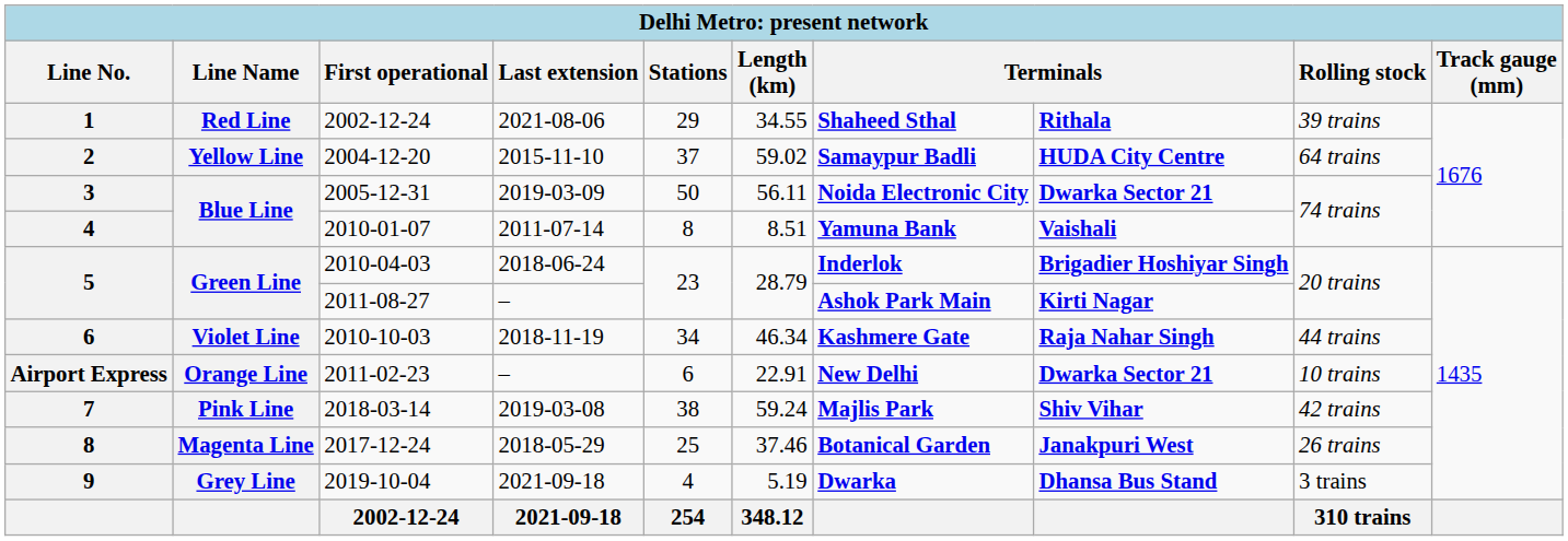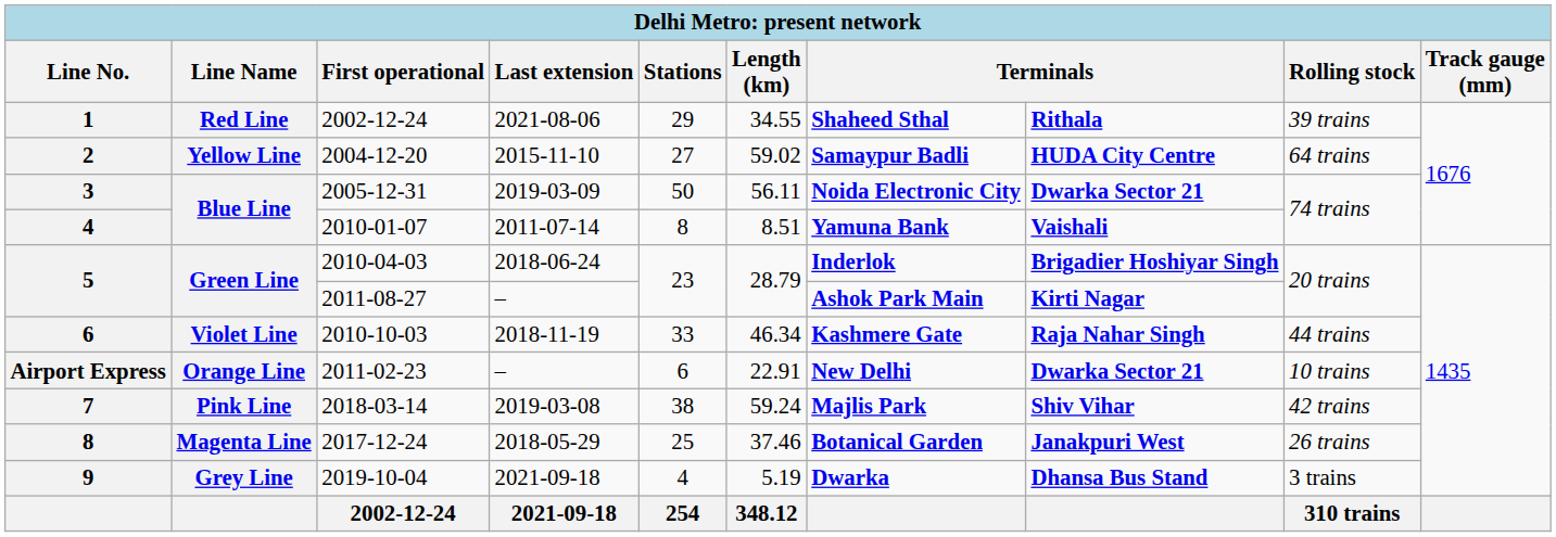 <table class="wikitable sortable">
 <tr>
 <th style="background:#ADD8E6;" colspan="10">Delhi Metro: present network</th>
 </tr>
 <tr>
 <th>Line No.</th>
 <th>Line Name</th>
 <th>First operational</th>
 <th>Last extension</th>
 <th>Stations</th>
 <th>Length<br>(km)<br></th>
 <th colspan="2">Terminals</th>
 <th>Rolling stock</th>
 <th>Track gauge<br>(mm)</th>
 </tr>
 <tr>
 <th>1</th>
 <th style="background:#"><a href='#'><span>Red Line</span></a></th>
 <td>2002-12-24</td>
 <td style="text-align:left;">2021-08-06</td>
 <td style="text-align:center;">29</td>
 <td style="text-align:right;">34.55</td>
 <td><a href='#'><strong>Shaheed Sthal</strong></a></td>
 <td><a href='#'><strong>Rithala</strong></a></td>
 <td><em>39 trains</em></td>
 <td rowspan="4"><a href='#'>1676</a></td>
 </tr>
 <tr>
 <th>2</th>
 <th style="background:#"><a href='#'><span>Yellow Line</span></a></th>
 <td>2004-12-20</td>
 <td>2015-11-10</td>
-<td style="text-align:center;">37</td>
+<td style="text-align:center;">27</td>
 <td style="text-align:right;">59.02</td>
 <td><a href='#'><strong>Samaypur Badli</strong></a></td>
 <td><a href='#'><strong>HUDA City Centre</strong></a></td>
 <td><em>64 trains</em></td>
 </tr>
 <tr>
 <th>3</th>
 <th rowspan="2" style="background:#"><a href='#'><span>Blue Line</span></a></th>
 <td>2005-12-31</td>
 <td>2019-03-09</td>
 <td style="text-align:center;">50</td>
 <td style="text-align:right;">56.11</td>
 <td><a href='#'><strong>Noida Electronic City</strong></a></td>
 <td><a href='#'><strong>Dwarka Sector 21</strong></a></td>
 <td rowspan="2"><em>74 trains</em></td>
 </tr>
 <tr>
 <th>4</th>
 <td>2010-01-07</td>
 <td>2011-07-14</td>
 <td style="text-align:center;">8</td>
 <td style="text-align:right;">8.51</td>
 <td><a href='#'><strong>Yamuna Bank</strong></a></td>
 <td><a href='#'><strong>Vaishali</strong></a></td>
 </tr>
 <tr>
 <th rowspan="2">5</th>
 <th rowspan="2" style="background:#"><a href='#'><span>Green Line</span></a></th>
 <td>2010-04-03</td>
 <td style="text-align:left;">2018-06-24</td>
 <td rowspan="2" style="text-align:center;">23</td>
 <td rowspan=2 style="text-align:right;">28.79</td>
 <td><a href='#'><strong>Inderlok</strong></a></td>
 <td><a href='#'><strong>Brigadier Hoshiyar Singh</strong></a></td>
 <td rowspan="2"><em>20 trains</em></td>
 <td rowspan="7"><a href='#'>1435</a></td>
 </tr>
 <tr>
 <td>2011-08-27</td>
 <td style="text-align:left;">–</td>
 <td><a href='#'><strong>Ashok Park Main</strong></a></td>
 <td><a href='#'><strong>Kirti Nagar</strong></a></td>
 </tr>
 <tr>
 <th>6</th>
 <th style="background:#"><a href='#'><span>Violet Line</span></a></th>
 <td>2010-10-03</td>
 <td>2018-11-19</td>
-<td style="text-align:center;">34</td>
+<td style="text-align:center;">33</td>
 <td style="text-align:right;">46.34</td>
 <td><a href='#'><strong>Kashmere Gate</strong></a></td>
 <td><a href='#'><strong>Raja Nahar Singh</strong></a></td>
 <td><em>44 trains</em></td>
 </tr>
 <tr>
 <th>Airport Express</th>
 <th style="background:#"><a href='#'><span>Orange Line</span></a></th>
 <td>2011-02-23</td>
 <td style="text-align:left;">–</td>
 <td style="text-align:center;">6</td>
 <td style="text-align:right;">22.91</td>
 <td><a href='#'><strong>New Delhi</strong></a></td>
 <td><a href='#'><strong>Dwarka Sector 21</strong></a></td>
 <td><em>10 trains</em></td>
 </tr>
 <tr>
 <th>7</th>
 <th style="text-align:center; background:#"><a href='#'><span>Pink Line</span></a></th>
 <td>2018-03-14</td>
 <td>2019-03-08</td>
 <td style="text-align:center;">38</td>
 <td style="text-align:right;">59.24</td>
 <td><a href='#'><strong>Majlis Park</strong></a></td>
 <td><a href='#'><strong>Shiv Vihar</strong></a></td>
 <td><em>42 trains</em></td>
 </tr>
 <tr>
 <th>8</th>
 <th style="background:#"><a href='#'><span>Magenta Line</span></a></th>
 <td>2017-12-24</td>
 <td>2018-05-29</td>
 <td style="text-align:center;">25</td>
 <td style="text-align:right;">37.46</td>
 <td><a href='#'><strong>Botanical Garden</strong></a></td>
 <td><a href='#'><strong>Janakpuri West</strong></a></td>
 <td><em>26 trains</em></td>
 </tr>
 <tr>
 <th>9</th>
 <th style="background:#"><a href='#'><span>Grey Line</span></a></th>
 <td>2019-10-04</td>
 <td>2021-09-18</td>
 <td style="text-align:center;">4</td>
 <td style="text-align:right;">5.19</td>
 <td><a href='#'><strong>Dwarka</strong></a></td>
 <td><strong><a href='#'>Dhansa Bus Stand</a></strong></td>
 <td>3 trains</td>
 </tr>
 <tr>
 <th></th>
 <th></th>
 <th>2002-12-24</th>
 <th style="text-align:center;">2021-09-18</th>
 <th !style="text-align:right;">254</th>
 <th>348.12</th>
 <th></th>
 <th></th>
 <th>310 trains</th>
 <th></th>
 </tr>
 </table>
